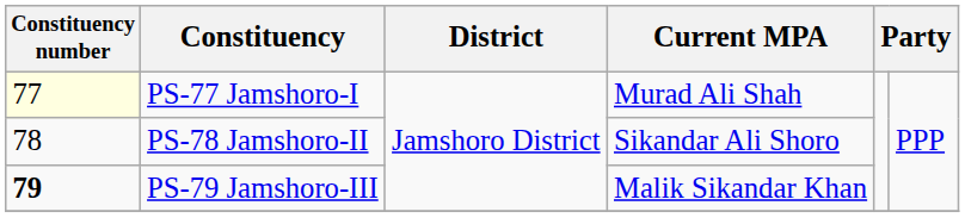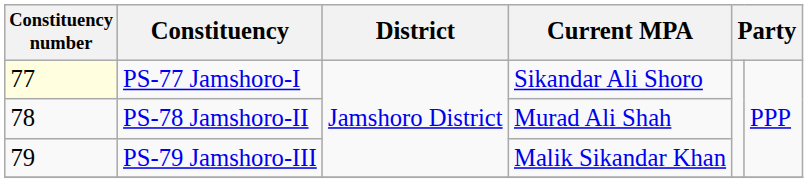 <table class="wikitable">
 <tr>
 <th width="50px" style="font-size:75%">Constituency number</th>
 <th>Constituency</th>
 <th>District</th>
 <th>Current MPA</th>
 <th colspan="2">Party</th>
 </tr>
 <tr>
 <td style="background: lightyellow;">77</td>
 <td><a href='#'>PS-77 Jamshoro-I</a></td>
 <td rowspan="3"><a href='#'>Jamshoro District</a></td>
-<td><a href='#'>Murad Ali Shah</a></td>
+<td><a href='#'>Sikandar Ali Shoro</a></td>
 <td rowspan="3"></td>
 <td rowspan="3"><a href='#'>PPP</a></td>
 </tr>
 <tr>
 <td>78</td>
 <td><a href='#'>PS-78 Jamshoro-II</a></td>
-<td><a href='#'>Sikandar Ali Shoro</a></td>
+<td><a href='#'>Murad Ali Shah</a></td>
 </tr>
 <tr>
-<td><strong>79</strong></td>
+<td>79</td>
 <td><a href='#'>PS-79 Jamshoro-III</a></td>
 <td><a href='#'>Malik Sikandar Khan</a></td>
 </tr>
 <tr>
 </tr>
 </table>
